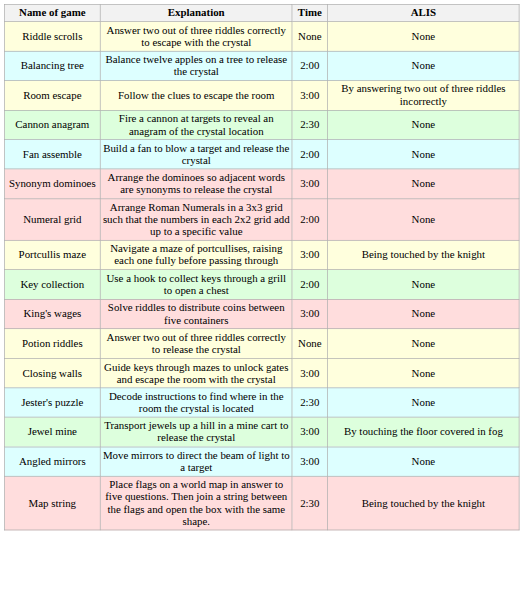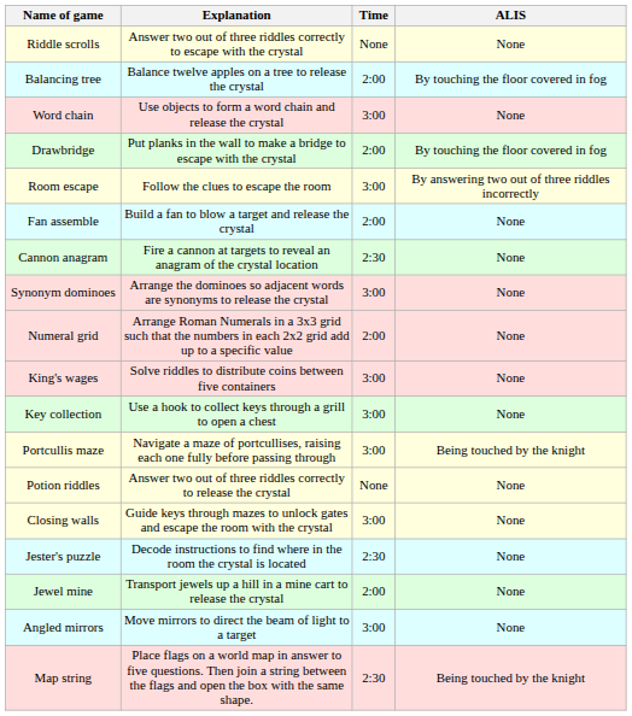 <table class="wikitable sortable"  style="width:60%; left:0 auto; text-align:center;">
 <tr>
 <th style="width:15%;">Name of game</th>
 <th style="width:30%;">Explanation</th>
 <th style="width:5%;">Time</th>
 <th style="width:30%;">ALIS</th>
 </tr>
 <tr style="background:#ffd;">
 <td>Riddle scrolls</td>
 <td>Answer two out of three riddles correctly to escape with the crystal</td>
 <td>None</td>
 <td>None</td>
 </tr>
 <tr style="background:#dff;">
 <td>Balancing tree</td>
 <td>Balance twelve apples on a tree to release the crystal</td>
 <td>2:00</td>
+<td>By touching the floor covered in fog</td>
+</tr>
+<tr style="background:#fdd;">
+<td>Word chain</td>
+<td>Use objects to form a word chain and release the crystal</td>
+<td>3:00</td>
 <td>None</td>
+</tr>
+<tr style="background:#dfd;">
+<td>Drawbridge</td>
+<td>Put planks in the wall to make a bridge to escape with the crystal</td>
+<td>2:00</td>
+<td>By touching the floor covered in fog</td>
 </tr>
 <tr style="background:#ffd;">
 <td>Room escape</td>
 <td>Follow the clues to escape the room</td>
 <td>3:00</td>
 <td>By answering two out of three riddles incorrectly</td>
 </tr>
+<tr style="background:#dff;">
+<td>Fan assemble</td>
+<td>Build a fan to blow a target and release the crystal</td>
+<td>2:00</td>
+<td>None</td>
+</tr>
 <tr style="background:#dfd;">
 <td>Cannon anagram</td>
 <td>Fire a cannon at targets to reveal an anagram of the crystal location</td>
 <td>2:30</td>
-<td>None</td>
-</tr>
-<tr style="background:#dff;">
-<td>Fan assemble</td>
-<td>Build a fan to blow a target and release the crystal</td>
-<td>2:00</td>
 <td>None</td>
 </tr>
 <tr style="background:#fdd;">
 <td>Synonym dominoes</td>
 <td>Arrange the dominoes so adjacent words are synonyms to release the crystal</td>
 <td>3:00</td>
 <td>None</td>
 </tr>
 <tr style="background:#fdd;">
 <td>Numeral grid</td>
 <td>Arrange Roman Numerals in a 3x3 grid such that the numbers in each 2x2 grid add up to a specific value</td>
 <td>2:00</td>
 <td>None</td>
 </tr>
+<tr style="background:#fdd;">
+<td>King's wages</td>
+<td>Solve riddles to distribute coins between five containers</td>
+<td>3:00</td>
+<td>None</td>
+</tr>
+<tr style="background:#dfd;">
+<td>Key collection</td>
+<td>Use a hook to collect keys through a grill to open a chest</td>
+<td>3:00</td>
+<td>None</td>
+</tr>
 <tr style="background:#ffd;">
 <td>Portcullis maze</td>
 <td>Navigate a maze of portcullises, raising each one fully before passing through</td>
 <td>3:00</td>
 <td>Being touched by the knight</td>
-</tr>
-<tr style="background:#dfd;">
-<td>Key collection</td>
-<td>Use a hook to collect keys through a grill to open a chest</td>
-<td>2:00</td>
-<td>None</td>
-</tr>
-<tr style="background:#fdd;">
-<td>King's wages</td>
-<td>Solve riddles to distribute coins between five containers</td>
-<td>3:00</td>
-<td>None</td>
 </tr>
 <tr style="background:#ffd;">
 <td>Potion riddles</td>
 <td>Answer two out of three riddles correctly to release the crystal</td>
 <td>None</td>
 <td>None</td>
 </tr>
 <tr style="background:#ffd;">
 <td>Closing walls</td>
 <td>Guide keys through mazes to unlock gates and escape the room with the crystal</td>
 <td>3:00</td>
 <td>None</td>
 </tr>
 <tr style="background:#dff;">
 <td>Jester's puzzle</td>
 <td>Decode instructions to find where in the room the crystal is located</td>
 <td>2:30</td>
 <td>None</td>
 </tr>
 <tr style="background:#dfd;">
 <td>Jewel mine</td>
 <td>Transport jewels up a hill in a mine cart to release the crystal</td>
-<td>3:00</td>
-<td>By touching the floor covered in fog</td>
+<td>2:00</td>
+<td>None</td>
 </tr>
 <tr style="background:#dff;">
 <td>Angled mirrors</td>
 <td>Move mirrors to direct the beam of light to a target</td>
 <td>3:00</td>
 <td>None</td>
 </tr>
 <tr style="background:#fdd;">
 <td>Map string</td>
 <td>Place flags on a world map in answer to five questions. Then join a string between the flags and open the box with the same shape.</td>
 <td>2:30</td>
 <td>Being touched by the knight</td>
 </tr>
 </table>
